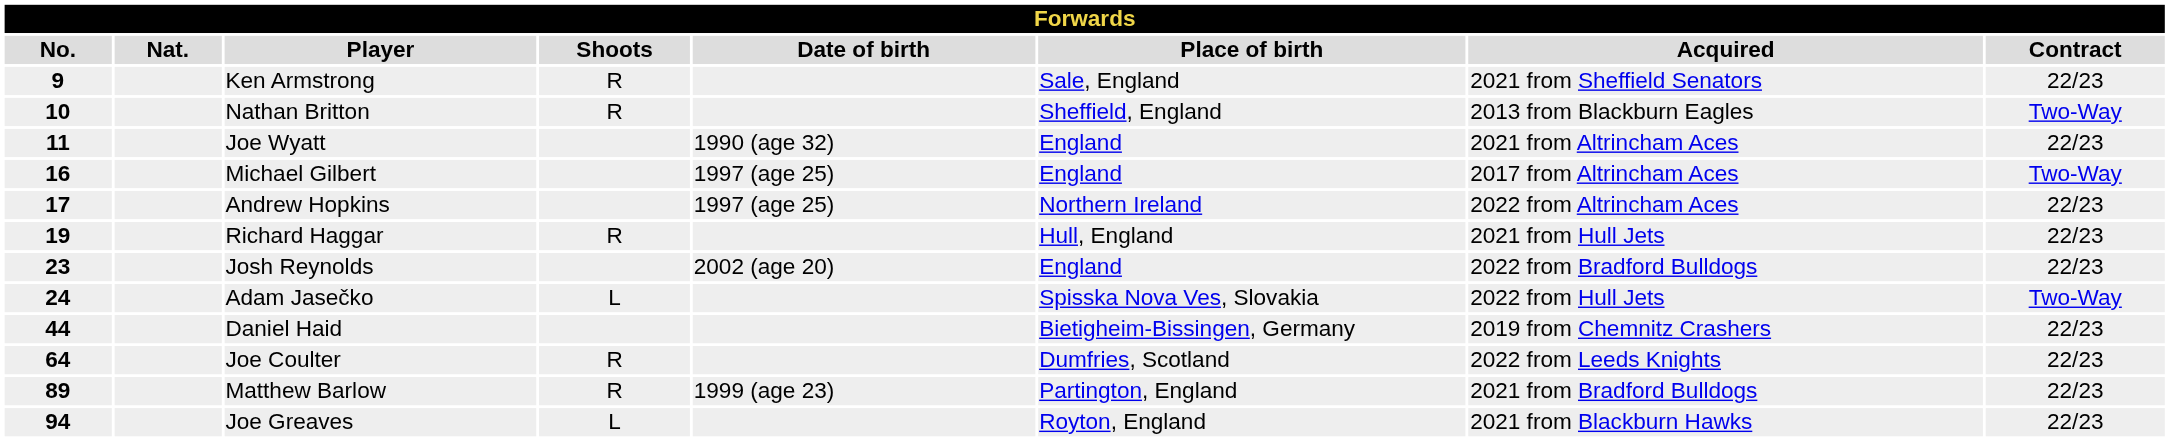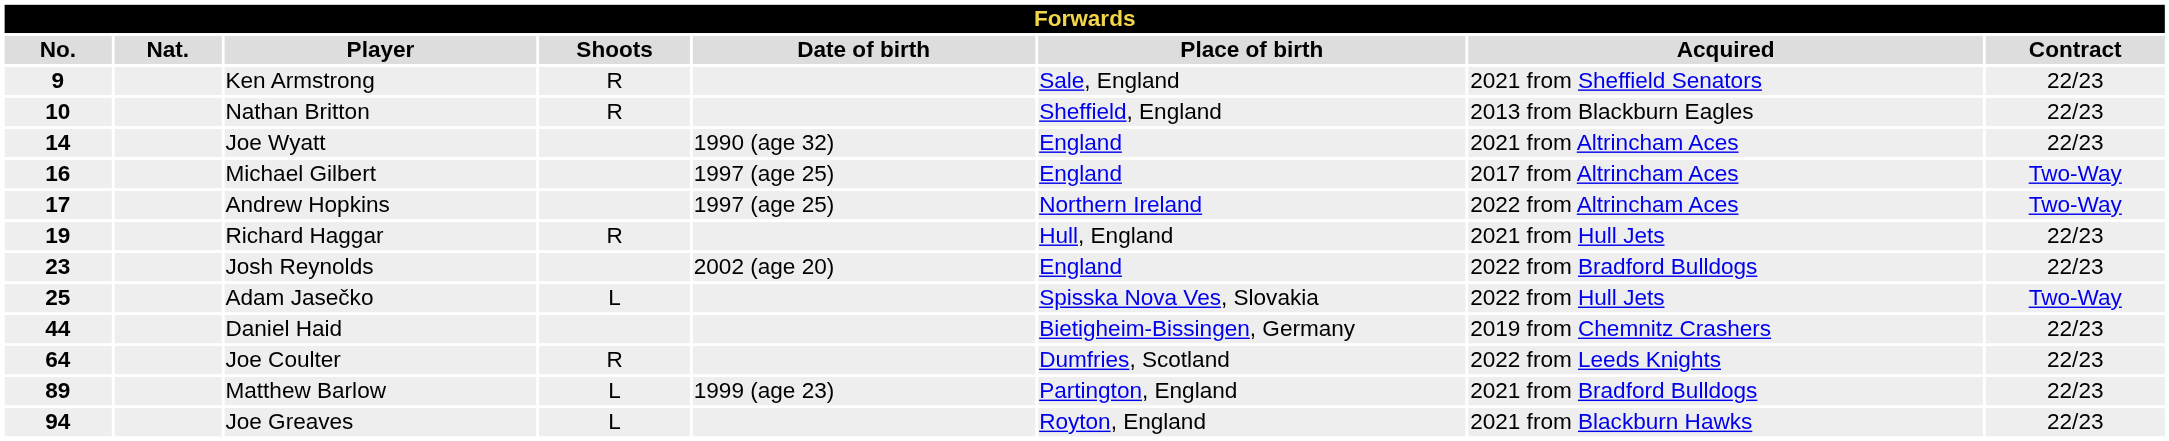 <table class="toccolours"  style="width:97%; clear:both; margin:1.5em auto; text-align:center;">
 <tr style="background:#ddd;">
 <th colspan="11" style="background:black; color:#f0d648;”">Forwards</th>
 </tr>
 <tr style="background:#ddd;">
 <th width=5%>No.</th>
 <th width=5%>Nat.</th>
 <th !width=22%>Player</th>
 <th width=7%>Shoots</th>
 <th width=16%>Date of birth</th>
 <th width=20%>Place of birth</th>
 <th width=24%>Acquired</th>
 <td><strong>Contract</strong></td>
 </tr>
 <tr style="background:#eee;">
 <td><strong>9</strong></td>
 <td></td>
 <td align=left>Ken Armstrong</td>
 <td>R</td>
 <td align=left></td>
 <td align=left><a href='#'>Sale</a>, England</td>
 <td align=left>2021 from <a href='#'>Sheffield Senators</a></td>
 <td>22/23</td>
 </tr>
 <tr style="background:#eee;">
 <td><strong>10</strong></td>
 <td></td>
 <td align=left>Nathan Britton</td>
 <td>R</td>
 <td align=left></td>
 <td align=left><a href='#'>Sheffield</a>, England</td>
 <td align=left>2013 from Blackburn Eagles</td>
-<td><a href='#'>Two-Way</a></td>
+<td>22/23</td>
 </tr>
 <tr style="background:#eee;">
-<td><strong>11</strong></td>
+<td><strong>14</strong></td>
 <td></td>
 <td align=left>Joe Wyatt</td>
 <td></td>
 <td align=left>1990 (age 32)</td>
 <td align=left><a href='#'>England</a></td>
 <td align=left>2021 from <a href='#'>Altrincham Aces</a></td>
 <td>22/23</td>
 </tr>
 <tr style="background:#eee;">
 <td><strong>16</strong></td>
 <td></td>
 <td align=left>Michael Gilbert</td>
 <td></td>
 <td align=left>1997 (age 25)</td>
 <td align=left><a href='#'>England</a></td>
 <td align=left>2017 from <a href='#'>Altrincham Aces</a></td>
 <td><a href='#'>Two-Way</a></td>
 </tr>
 <tr style="background:#eee;">
 <td><strong>17</strong></td>
 <td></td>
 <td align=left>Andrew Hopkins</td>
 <td></td>
 <td align=left>1997 (age 25)</td>
 <td align=left><a href='#'>Northern Ireland</a></td>
 <td align=left>2022 from <a href='#'>Altrincham Aces</a></td>
-<td>22/23</td>
+<td><a href='#'>Two-Way</a></td>
 </tr>
 <tr style="background:#eee;">
 <td><strong>19</strong></td>
 <td></td>
 <td align=left>Richard Haggar</td>
 <td>R</td>
 <td align=left></td>
 <td align=left><a href='#'>Hull</a>, England</td>
 <td align=left>2021 from <a href='#'>Hull Jets</a></td>
 <td>22/23</td>
 </tr>
 <tr style="background:#eee;">
 <td><strong>23</strong></td>
 <td></td>
 <td align=left>Josh Reynolds</td>
 <td></td>
 <td align=left>2002 (age 20)</td>
 <td align=left><a href='#'>England</a></td>
 <td align=left>2022 from <a href='#'>Bradford Bulldogs</a></td>
 <td>22/23</td>
 </tr>
 <tr style="background:#eee;">
-<td><strong>24</strong></td>
+<td><strong>25</strong></td>
 <td></td>
 <td align=left>Adam Jasečko</td>
 <td>L</td>
 <td align=left></td>
 <td align=left><a href='#'>Spisska Nova Ves</a>, Slovakia</td>
 <td align=left>2022 from <a href='#'>Hull Jets</a></td>
 <td><a href='#'>Two-Way</a></td>
 </tr>
 <tr style="background:#eee;">
 <td><strong>44</strong></td>
 <td></td>
 <td align=left>Daniel Haid</td>
 <td></td>
 <td align=left></td>
 <td align=left><a href='#'>Bietigheim-Bissingen</a>, Germany</td>
 <td align=left>2019 from <a href='#'>Chemnitz Crashers</a></td>
 <td>22/23</td>
 </tr>
 <tr style="background:#eee;">
 <td><strong>64</strong></td>
 <td></td>
 <td align=left>Joe Coulter</td>
 <td>R</td>
 <td align=left></td>
 <td align=left><a href='#'>Dumfries</a>, Scotland</td>
 <td align=left>2022 from <a href='#'>Leeds Knights</a></td>
 <td>22/23</td>
 </tr>
 <tr style="background:#eee;">
 <td><strong>89</strong></td>
 <td></td>
 <td align=left>Matthew Barlow</td>
-<td>R</td>
+<td>L</td>
 <td align=left>1999 (age 23)</td>
 <td align=left><a href='#'>Partington</a>, England</td>
 <td align=left>2021 from <a href='#'>Bradford Bulldogs</a></td>
 <td>22/23</td>
 </tr>
 <tr style="background:#eee;">
 <td><strong>94</strong></td>
 <td></td>
 <td align=left>Joe Greaves</td>
 <td>L</td>
 <td align=left></td>
 <td align=left><a href='#'>Royton</a>, England</td>
 <td align=left>2021 from <a href='#'>Blackburn Hawks</a></td>
 <td>22/23</td>
 </tr>
 </table>
